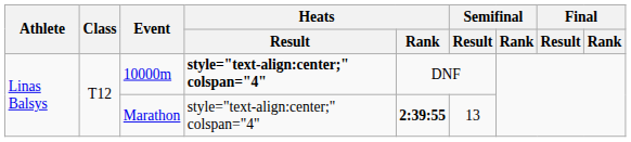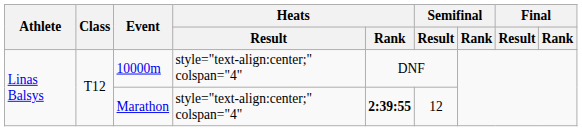 <table class=wikitable style="font-size:90%">
 <tr>
 <th rowspan="2">Athlete</th>
 <th rowspan="2">Class</th>
 <th rowspan="2">Event</th>
 <th colspan="2">Heats</th>
 <th colspan="2">Semifinal</th>
 <th colspan="3">Final</th>
 </tr>
 <tr>
 <th>Result</th>
 <th>Rank</th>
 <th>Result</th>
 <th>Rank</th>
 <th>Result</th>
 <th>Rank</th>
 </tr>
 <tr>
 <td rowspan="2"><a href='#'>Linas Balsys</a></td>
 <td rowspan="2" style="text-align:center;">T12</td>
 <td><a href='#'>10000m</a></td>
-<td><strong>style="text-align:center;" colspan="4" </strong></td>
+<td>style="text-align:center;" colspan="4" </td>
 <td style="text-align:center;" colspan="2">DNF</td>
 </tr>
 <tr>
 <td><a href='#'>Marathon</a></td>
 <td>style="text-align:center;" colspan="4" </td>
 <td style="text-align:center;"><strong>2:39:55</strong></td>
-<td style="text-align:center;">13</td>
+<td style="text-align:center;">12</td>
 </tr>
 </table>
